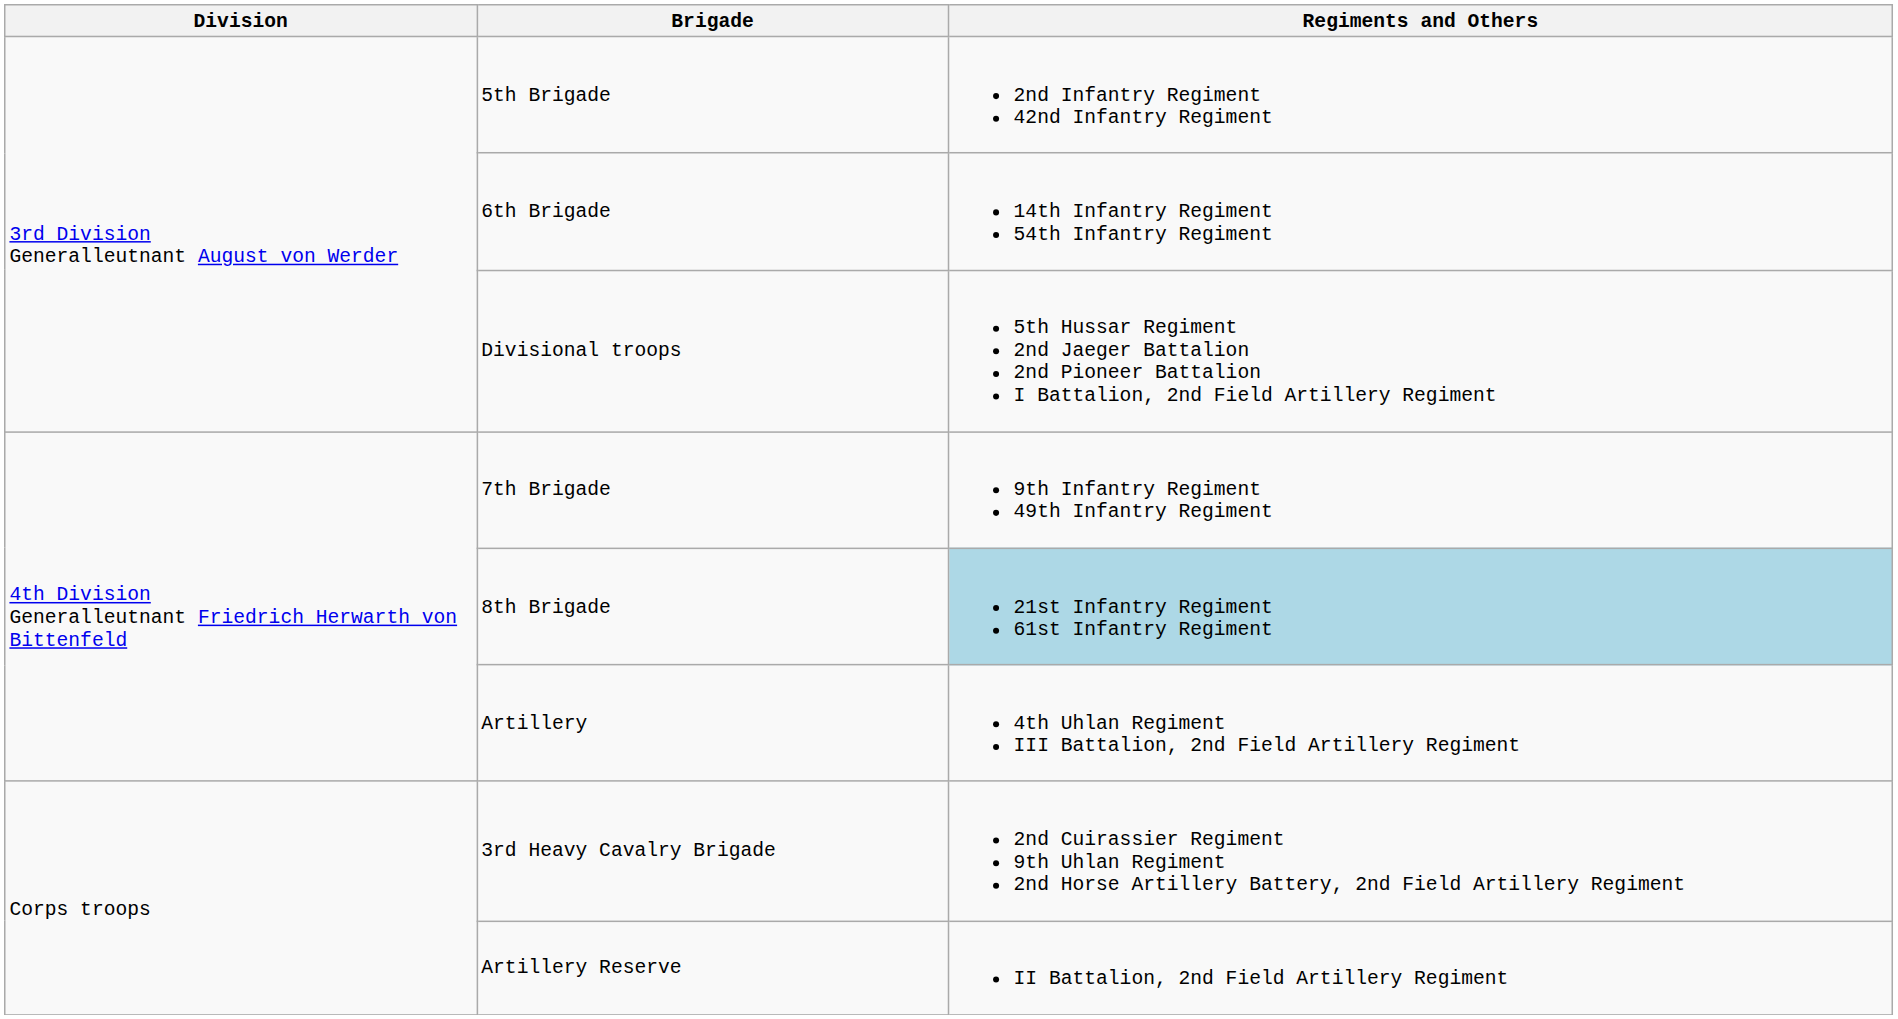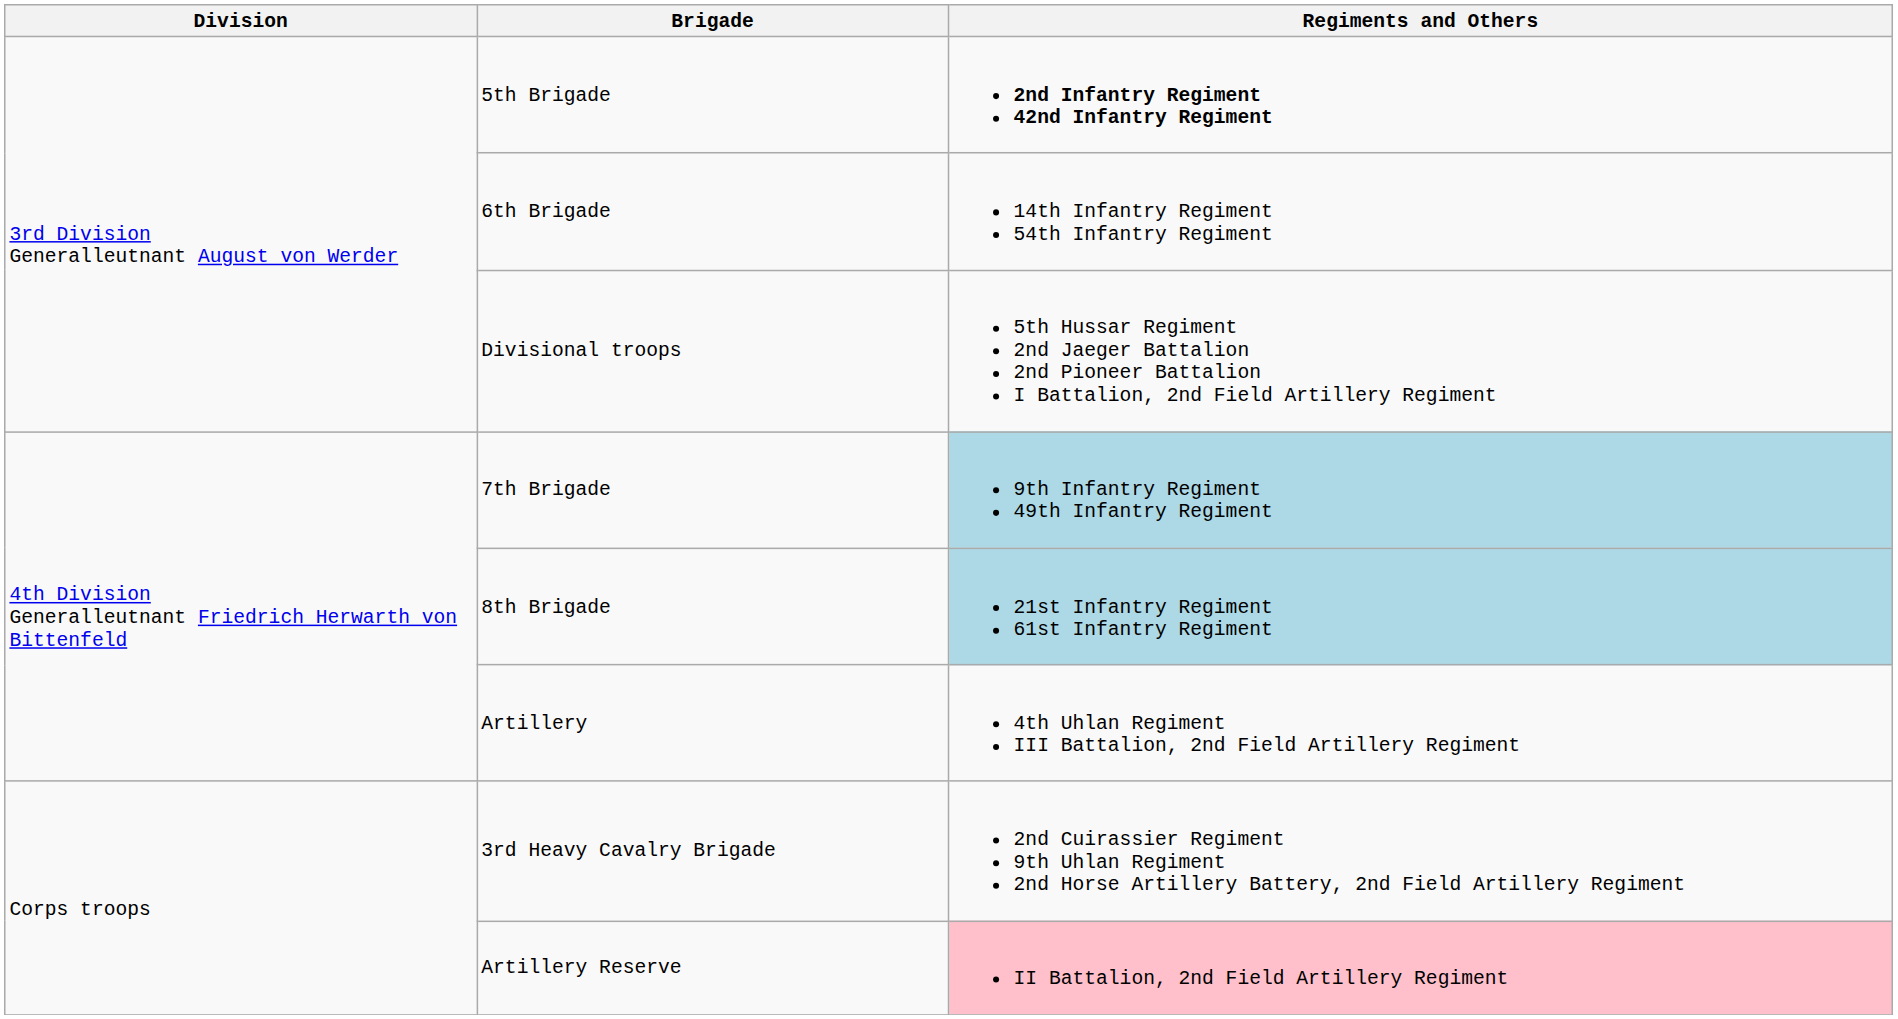 <table class="wikitable">
 <tr>
 <th style="width:25%;">Division</th>
 <th style="width:25%;">Brigade</th>
 <th>Regiments and Others</th>
 </tr>
 <tr>
 <td rowspan=3><br><a href='#'>3rd Division</a> <br> Generalleutnant <a href='#'>August von Werder</a></td>
 <td>5th Brigade</td>
-<td><br><ul><li>2nd Infantry Regiment</li><li>42nd Infantry Regiment</li></ul></td>
+<td><strong><br><ul><li>2nd Infantry Regiment</li><li>42nd Infantry Regiment</li></ul></strong></td>
 </tr>
 <tr>
 <td>6th Brigade</td>
 <td><br><ul><li>14th Infantry Regiment</li><li>54th Infantry Regiment</li></ul></td>
 </tr>
 <tr>
 <td>Divisional troops</td>
 <td><br><ul><li>5th Hussar Regiment</li><li>2nd Jaeger Battalion</li><li>2nd Pioneer Battalion</li><li>I Battalion, 2nd Field Artillery Regiment</li></ul></td>
 </tr>
 <tr>
 <td rowspan=3><br><a href='#'>4th Division</a> <br> Generalleutnant <a href='#'>Friedrich Herwarth von Bittenfeld</a></td>
 <td>7th Brigade</td>
-<td><br><ul><li>9th Infantry Regiment</li><li>49th Infantry Regiment</li></ul></td>
+<td style="background: lightblue;"><br><ul><li>9th Infantry Regiment</li><li>49th Infantry Regiment</li></ul></td>
 </tr>
 <tr>
 <td>8th Brigade</td>
 <td style="background: lightblue;"><br><ul><li>21st Infantry Regiment</li><li>61st Infantry Regiment</li></ul></td>
 </tr>
 <tr>
 <td>Artillery</td>
 <td><br><ul><li>4th Uhlan Regiment</li><li>III Battalion, 2nd Field Artillery Regiment</li></ul></td>
 </tr>
 <tr>
 <td rowspan=2><br>Corps troops</td>
 <td>3rd Heavy Cavalry Brigade</td>
 <td><br><ul><li>2nd Cuirassier Regiment</li><li>9th Uhlan Regiment</li><li>2nd Horse Artillery Battery, 2nd Field Artillery Regiment</li></ul></td>
 </tr>
 <tr>
 <td>Artillery Reserve</td>
-<td><br><ul><li>II Battalion, 2nd Field Artillery Regiment</li></ul></td>
+<td style="background: pink;"><br><ul><li>II Battalion, 2nd Field Artillery Regiment</li></ul></td>
 </tr>
 </table>
